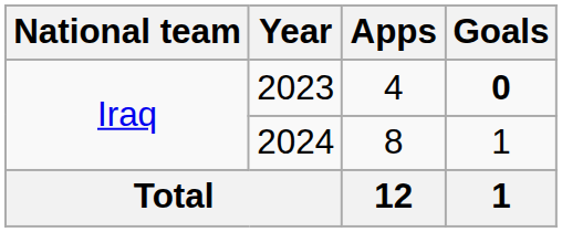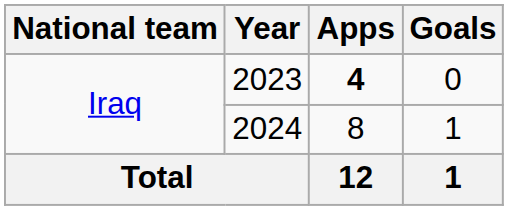 <table class=wikitable style=text-align:center>
 <tr>
 <th>National team</th>
 <th>Year</th>
 <th>Apps</th>
 <th>Goals</th>
 </tr>
 <tr>
 <td rowspan="2"><a href='#'>Iraq</a></td>
 <td>2023</td>
-<td>4</td>
-<td><strong>0</strong></td>
+<td><strong>4</strong></td>
+<td>0</td>
 </tr>
 <tr>
 <td>2024</td>
 <td>8</td>
 <td>1</td>
 </tr>
 <tr>
 <th colspan="2">Total</th>
 <th>12</th>
 <th>1</th>
 </tr>
 </table>
